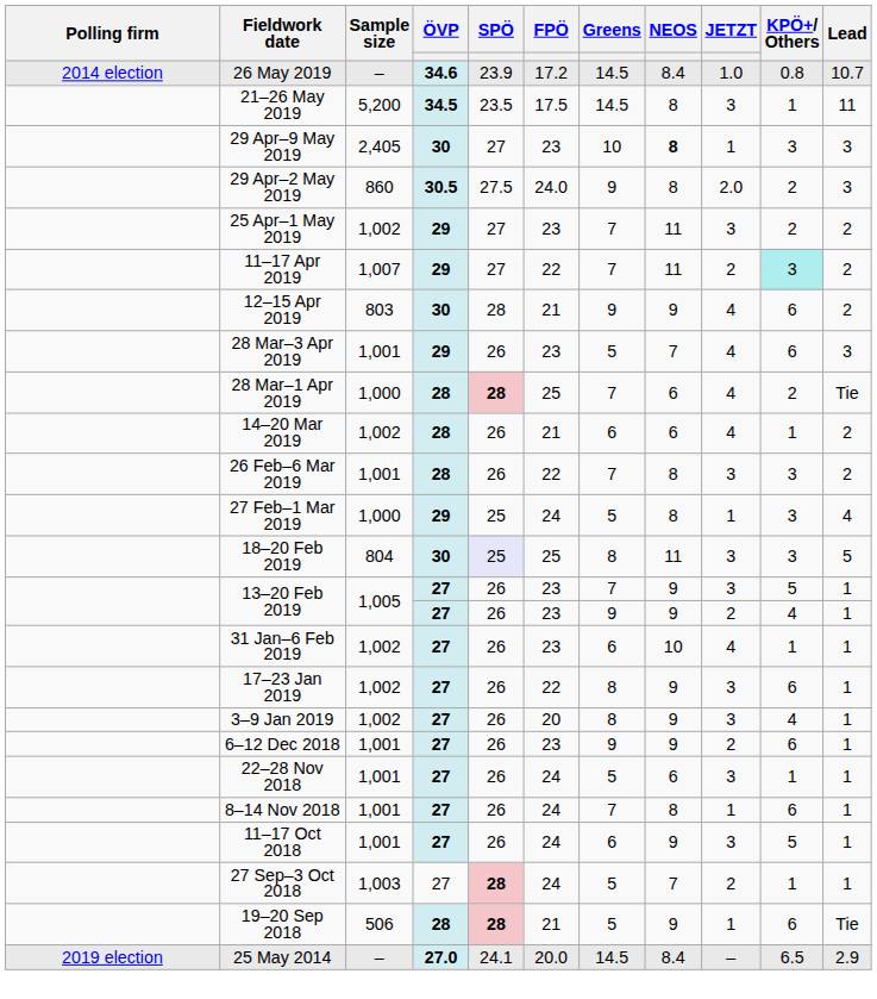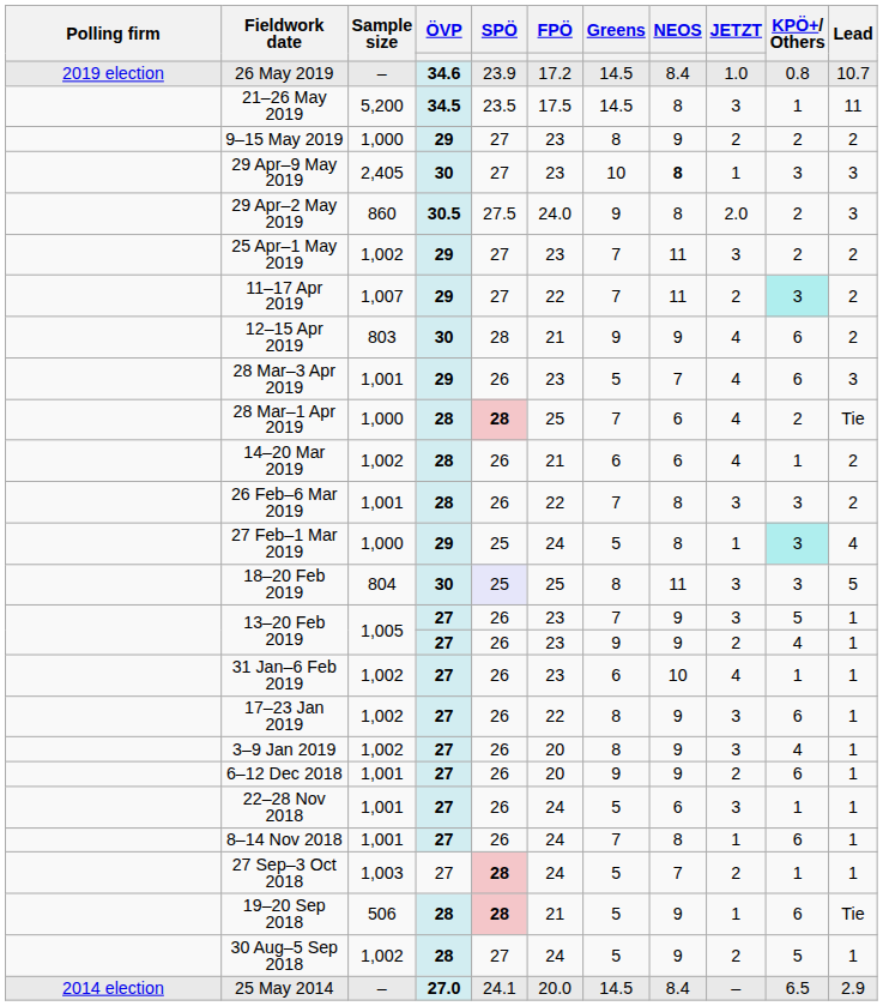 <table class="wikitable sortable" style="text-align:center;font-size:90%;line-height:14px;">
 <tr style="height:40px;">
 <th style="width:175px;" rowspan="2">Polling firm</th>
 <th style="width:100px;" rowspan="2">Fieldwork date</th>
 <th style="width:35px;" rowspan="2">Sample<br>size</th>
 <th class="unsortable" style="width:40px;"><a href='#'>ÖVP</a></th>
 <th class="unsortable" style="width:40px;"><a href='#'>SPÖ</a></th>
 <th class="unsortable" style="width:40px;"><a href='#'>FPÖ</a></th>
 <th class="unsortable" style="width:40px;"><a href='#'>Greens</a></th>
 <th class="unsortable" style="width:40px;"><a href='#'>NEOS</a></th>
 <th class="unsortable" style="width:40px;"><a href='#'>JETZT</a></th>
 <th class="unsortable" style="width:40px;" rowspan="2"><a href='#'>KPÖ+</a>/<br>Others</th>
 <th style="width:30px;" rowspan="2">Lead</th>
 </tr>
 <tr>
 <th style="background:"></th>
 <th style="background:"></th>
 <th style="background:"></th>
 <th style="background:"></th>
 <th style="background:"></th>
 <th style="background:"></th>
 </tr>
 <tr style="background:#E9E9E9;">
-<td><a href='#'>2014 election</a></td>
+<td><a href='#'>2019 election</a></td>
 <td data-sort-value="2019-05-26">26 May 2019</td>
 <td>–</td>
 <td style="background:#D2EDF1;"><strong>34.6</strong></td>
 <td>23.9</td>
 <td>17.2</td>
 <td>14.5</td>
 <td>8.4</td>
 <td>1.0</td>
 <td>0.8</td>
 <td style="background:">10.7</td>
 </tr>
 <tr>
 <td></td>
 <td data-sort-value="2019-05-26">21–26 May 2019</td>
 <td>5,200</td>
 <td style="background:#D2EDF1;"><strong>34.5</strong></td>
 <td>23.5</td>
 <td>17.5</td>
 <td>14.5</td>
 <td>8</td>
 <td>3</td>
 <td>1</td>
 <td style="background:">11</td>
+</tr>
+<tr>
+<td></td>
+<td data-sort-value="2019-05-15">9–15 May 2019</td>
+<td>1,000</td>
+<td style="background:#D2EDF1;"><strong>29</strong></td>
+<td>27</td>
+<td>23</td>
+<td>8</td>
+<td>9</td>
+<td>2</td>
+<td>2</td>
+<td style="background:">2</td>
 </tr>
 <tr>
 <td> </td>
 <td data-sort-value="2019-05-09">29 Apr–9 May 2019</td>
 <td>2,405</td>
 <td style="background:#D2EDF1;"><strong>30</strong></td>
 <td>27</td>
 <td>23</td>
 <td>10</td>
 <td><strong>8</strong></td>
 <td>1</td>
 <td>3</td>
 <td style="background:">3</td>
 </tr>
 <tr>
 <td></td>
 <td data-sort-value="2019-05-02">29 Apr–2 May 2019</td>
 <td>860</td>
 <td style="background:#D2EDF1;"><strong>30.5</strong></td>
 <td>27.5</td>
 <td>24.0</td>
 <td>9</td>
 <td>8</td>
 <td>2.0</td>
 <td>2</td>
 <td style="background:">3</td>
 </tr>
 <tr>
 <td></td>
 <td data-sort-value="2019-05-01">25 Apr–1 May 2019</td>
 <td>1,002</td>
 <td style="background:#D2EDF1;"><strong>29</strong></td>
 <td>27</td>
 <td>23</td>
 <td>7</td>
 <td>11</td>
 <td>3</td>
 <td>2</td>
 <td style="background:">2</td>
 </tr>
 <tr>
 <td></td>
 <td data-sort-value="2019-04-17">11–17 Apr 2019</td>
 <td>1,007</td>
 <td style="background:#D2EDF1;"><strong>29</strong></td>
 <td>27</td>
 <td>22</td>
 <td>7</td>
 <td>11</td>
 <td>2</td>
 <td style="background: paleturquoise;">3</td>
 <td style="background:">2</td>
 </tr>
 <tr>
 <td></td>
 <td data-sort-value="2019-04-15">12–15 Apr 2019</td>
 <td>803</td>
 <td style="background:#D2EDF1;"><strong>30</strong></td>
 <td>28</td>
 <td>21</td>
 <td>9</td>
 <td>9</td>
 <td>4</td>
 <td>6</td>
 <td style="background:">2</td>
 </tr>
 <tr>
 <td></td>
 <td data-sort-value="2019-04-03">28 Mar–3 Apr 2019</td>
 <td>1,001</td>
 <td style="background:#D2EDF1;"><strong>29</strong></td>
 <td>26</td>
 <td>23</td>
 <td>5</td>
 <td>7</td>
 <td>4</td>
 <td>6</td>
 <td style="background:">3</td>
 </tr>
 <tr>
 <td></td>
 <td data-sort-value="2019-04-01">28 Mar–1 Apr 2019</td>
 <td>1,000</td>
 <td style="background:#D2EDF1;"><strong>28</strong></td>
 <td style="background:#F4C6C9;"><strong>28</strong></td>
 <td>25</td>
 <td>7</td>
 <td>6</td>
 <td>4</td>
 <td>2</td>
 <td data-sort-value="0">Tie</td>
 </tr>
 <tr>
 <td></td>
 <td data-sort-value="2019-03-20">14–20 Mar 2019</td>
 <td>1,002</td>
 <td style="background:#D2EDF1;"><strong>28</strong></td>
 <td>26</td>
 <td>21</td>
 <td>6</td>
 <td>6</td>
 <td>4</td>
 <td>1</td>
 <td style="background:">2</td>
 </tr>
 <tr>
 <td></td>
 <td data-sort-value="2019-03-06">26 Feb–6 Mar 2019</td>
 <td>1,001</td>
 <td style="background:#D2EDF1;"><strong>28</strong></td>
 <td>26</td>
 <td>22</td>
 <td>7</td>
 <td>8</td>
 <td>3</td>
 <td>3</td>
 <td style="background:">2</td>
 </tr>
 <tr>
 <td></td>
 <td data-sort-value="2019-03-01">27 Feb–1 Mar 2019</td>
 <td>1,000</td>
 <td style="background:#D2EDF1;"><strong>29</strong></td>
 <td>25</td>
 <td>24</td>
 <td>5</td>
 <td>8</td>
 <td>1</td>
-<td>3</td>
+<td style="background: paleturquoise;">3</td>
 <td style="background:">4</td>
 </tr>
 <tr>
 <td></td>
 <td data-sort-value="2019-02-20">18–20 Feb 2019</td>
 <td>804</td>
 <td style="background:#D2EDF1;"><strong>30</strong></td>
 <td style="background: lavender;">25</td>
 <td>25</td>
 <td>8</td>
 <td>11</td>
 <td>3</td>
 <td>3</td>
 <td style="background:">5</td>
 </tr>
 <tr>
 <td rowspan="2"></td>
 <td rowspan="2" data-sort-value="2019-02-20">13–20 Feb 2019</td>
 <td rowspan="2">1,005</td>
 <td style="background:#D2EDF1;"><strong>27</strong></td>
 <td>26</td>
 <td>23</td>
 <td>7</td>
 <td>9</td>
 <td>3</td>
 <td>5</td>
 <td style="background:">1</td>
 </tr>
 <tr>
 <td style="background:#D2EDF1;"><strong>27</strong></td>
 <td>26</td>
 <td>23</td>
 <td>9</td>
 <td>9</td>
 <td>2</td>
 <td>4</td>
 <td style="background:">1</td>
 </tr>
 <tr>
 <td></td>
 <td data-sort-value="2019-02-06">31 Jan–6 Feb 2019</td>
 <td>1,002</td>
 <td style="background:#D2EDF1;"><strong>27</strong></td>
 <td>26</td>
 <td>23</td>
 <td>6</td>
 <td>10</td>
 <td>4</td>
 <td>1</td>
 <td style="background:">1</td>
 </tr>
 <tr>
 <td></td>
 <td data-sort-value="2019-01-23">17–23 Jan 2019</td>
 <td>1,002</td>
 <td style="background:#D2EDF1;"><strong>27</strong></td>
 <td>26</td>
 <td>22</td>
 <td>8</td>
 <td>9</td>
 <td>3</td>
 <td>6</td>
 <td style="background:">1</td>
 </tr>
 <tr>
 <td></td>
 <td data-sort-value="2019-01-09">3–9 Jan 2019</td>
 <td>1,002</td>
 <td style="background:#D2EDF1;"><strong>27</strong></td>
 <td>26</td>
 <td>20</td>
 <td>8</td>
 <td>9</td>
 <td>3</td>
 <td>4</td>
 <td style="background:">1</td>
 </tr>
 <tr>
 <td></td>
 <td data-sort-value="2018-12-12">6–12 Dec 2018</td>
 <td>1,001</td>
 <td style="background:#D2EDF1;"><strong>27</strong></td>
 <td>26</td>
-<td>23</td>
+<td>20</td>
 <td>9</td>
 <td>9</td>
 <td>2</td>
 <td>6</td>
 <td style="background:">1</td>
 </tr>
 <tr>
 <td></td>
 <td data-sort-value="2018-11-28">22–28 Nov 2018</td>
 <td>1,001</td>
 <td style="background:#D2EDF1;"><strong>27</strong></td>
 <td>26</td>
 <td>24</td>
 <td>5</td>
 <td>6</td>
 <td>3</td>
 <td>1</td>
 <td style="background:">1</td>
 </tr>
 <tr>
 <td></td>
 <td data-sort-value="2018-11-14">8–14 Nov 2018</td>
 <td>1,001</td>
 <td style="background:#D2EDF1;"><strong>27</strong></td>
 <td>26</td>
 <td>24</td>
 <td>7</td>
 <td>8</td>
 <td>1</td>
 <td>6</td>
 <td style="background:">1</td>
 </tr>
 <tr>
 <td></td>
-<td data-sort-value="2018-10-17">11–17 Oct 2018</td>
-<td>1,001</td>
-<td style="background:#D2EDF1;"><strong>27</strong></td>
-<td>26</td>
-<td>24</td>
-<td>6</td>
-<td>9</td>
-<td>3</td>
-<td>5</td>
-<td style="background:">1</td>
-</tr>
-<tr>
-<td></td>
 <td data-sort-value="2018-10-03">27 Sep–3 Oct 2018</td>
 <td>1,003</td>
 <td>27</td>
 <td style="background:#F4C6C9;"><strong>28</strong></td>
 <td>24</td>
 <td>5</td>
 <td>7</td>
 <td>2</td>
 <td>1</td>
 <td style="background:">1</td>
 </tr>
 <tr>
 <td></td>
 <td data-sort-value="2018-09-20">19–20 Sep 2018</td>
 <td>506</td>
 <td style="background:#D2EDF1;"><strong>28</strong></td>
 <td style="background:#F4C6C9;"><strong>28</strong></td>
 <td>21</td>
 <td>5</td>
 <td>9</td>
 <td>1</td>
 <td>6</td>
 <td data-sort-value="0">Tie</td>
 </tr>
+<tr>
+<td></td>
+<td data-sort-value="2018-09-05">30 Aug–5 Sep 2018</td>
+<td>1,002</td>
+<td style="background:#D2EDF1;"><strong>28</strong></td>
+<td>27</td>
+<td>24</td>
+<td>5</td>
+<td>9</td>
+<td>2</td>
+<td>5</td>
+<td style="background:">1</td>
+</tr>
 <tr style="background:#E9E9E9;">
-<td><a href='#'>2019 election</a></td>
+<td><a href='#'>2014 election</a></td>
 <td data-sort-value="2014-05-25">25 May 2014</td>
 <td>–</td>
 <td style="background:#D2EDF1;"><strong>27.0</strong></td>
 <td>24.1</td>
 <td>20.0</td>
 <td>14.5</td>
 <td>8.4</td>
 <td>–</td>
 <td>6.5</td>
 <td style="background:">2.9</td>
 </tr>
 </table>
